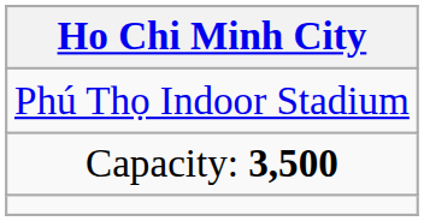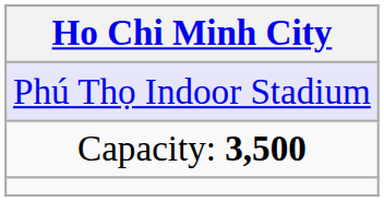 <table class="wikitable" style="text-align:center;margin:1em auto;">
 <tr>
 <th><a href='#'>Ho Chi Minh City</a></th>
 </tr>
 <tr>
-<td><a href='#'>Phú Thọ Indoor Stadium</a></td>
+<td style="background: lavender;"><a href='#'>Phú Thọ Indoor Stadium</a></td>
 </tr>
 <tr>
 <td>Capacity: <strong>3,500</strong></td>
 </tr>
 <tr>
 <td></td>
 </tr>
 </table>
